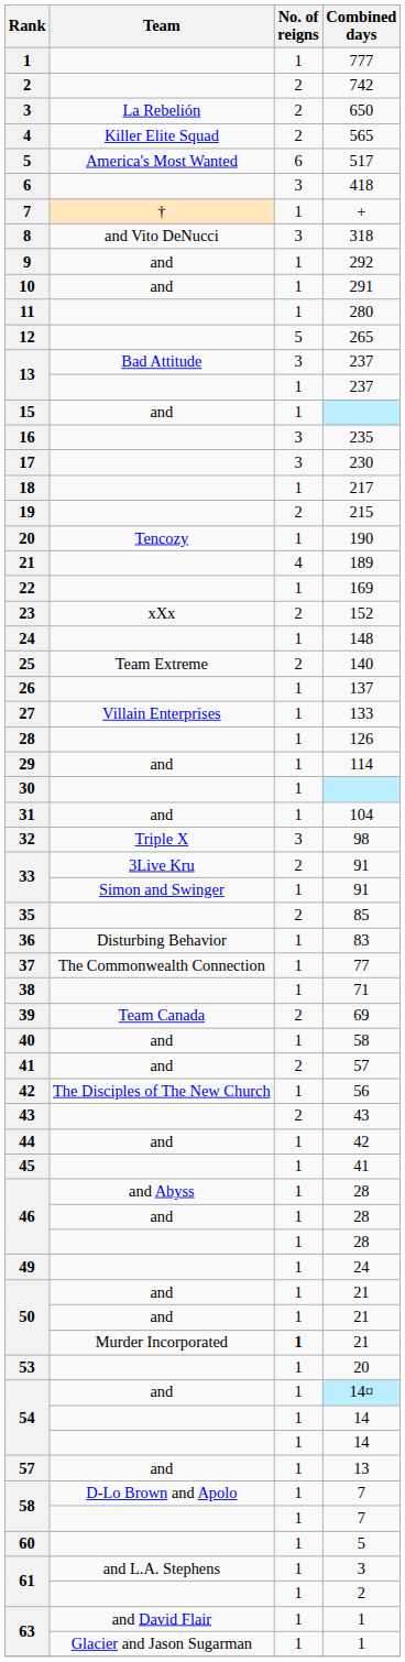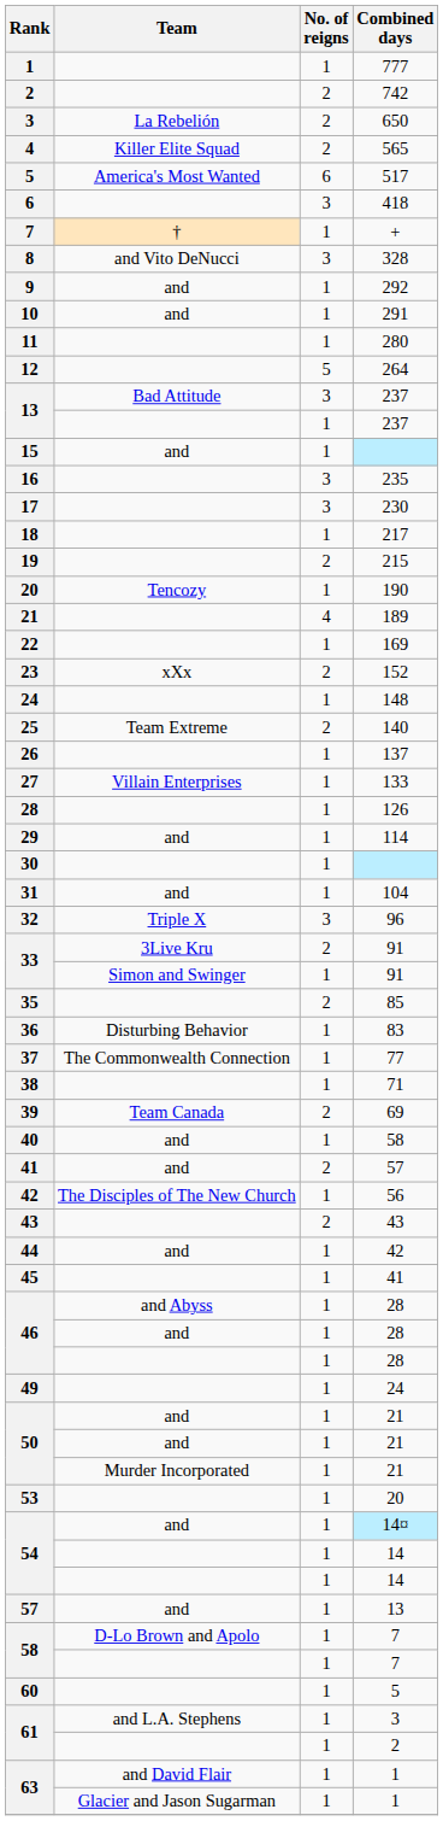 <table class="wikitable sortable" style="text-align: center">
 <tr>
 <th>Rank</th>
 <th>Team</th>
 <th>No. of<br>reigns</th>
 <th>Combined<br>days</th>
 </tr>
 <tr>
 <th>1</th>
 <td><br></td>
 <td>1</td>
 <td>777</td>
 </tr>
 <tr>
 <th>2</th>
 <td><br></td>
 <td>2</td>
 <td>742</td>
 </tr>
 <tr>
 <th>3</th>
 <td><a href='#'>La Rebelión</a><br></td>
 <td>2</td>
 <td>650</td>
 </tr>
 <tr>
 <th>4</th>
 <td><a href='#'>Killer Elite Squad</a><br></td>
 <td>2</td>
 <td>565</td>
 </tr>
 <tr>
 <th>5</th>
 <td><a href='#'>America's Most Wanted</a><br></td>
 <td>6</td>
 <td>517</td>
 </tr>
 <tr>
 <th>6</th>
 <td><br></td>
 <td>3</td>
 <td>418</td>
 </tr>
 <tr>
 <th>7</th>
 <td style="background-color:#ffe6bd"> †</td>
 <td>1</td>
 <td>+</td>
 </tr>
 <tr>
 <th>8</th>
 <td> and Vito DeNucci</td>
 <td>3</td>
-<td>318</td>
+<td>328</td>
 </tr>
 <tr>
 <th>9</th>
 <td> and </td>
 <td>1</td>
 <td>292</td>
 </tr>
 <tr>
 <th>10</th>
 <td> and </td>
 <td>1</td>
 <td>291</td>
 </tr>
 <tr>
 <th>11</th>
 <td> <br></td>
 <td>1</td>
 <td>280</td>
 </tr>
 <tr>
 <th>12</th>
 <td> <br></td>
 <td>5</td>
-<td>265</td>
+<td>264</td>
 </tr>
 <tr>
 <th rowspan=2>13</th>
 <td><a href='#'>Bad Attitude</a><br></td>
 <td>3</td>
 <td>237</td>
 </tr>
 <tr>
 <td><br></td>
 <td>1</td>
 <td>237</td>
 </tr>
 <tr>
 <th>15</th>
 <td> and </td>
 <td>1</td>
 <td style="background-color:#bbeeff"></td>
 </tr>
 <tr>
 <th>16</th>
 <td><br></td>
 <td>3</td>
 <td>235</td>
 </tr>
 <tr>
 <th>17</th>
 <td><br></td>
 <td>3</td>
 <td>230</td>
 </tr>
 <tr>
 <th>18</th>
 <td><br></td>
 <td>1</td>
 <td>217</td>
 </tr>
 <tr>
 <th>19</th>
 <td><br></td>
 <td>2</td>
 <td>215</td>
 </tr>
 <tr>
 <th>20</th>
 <td><a href='#'>Tencozy</a><br></td>
 <td>1</td>
 <td>190</td>
 </tr>
 <tr>
 <th>21</th>
 <td><br></td>
 <td>4</td>
 <td>189</td>
 </tr>
 <tr>
 <th>22</th>
 <td><br></td>
 <td>1</td>
 <td>169</td>
 </tr>
 <tr>
 <th>23</th>
 <td>xXx<br></td>
 <td>2</td>
 <td>152</td>
 </tr>
 <tr>
 <th>24</th>
 <td><br></td>
 <td>1</td>
 <td>148</td>
 </tr>
 <tr>
 <th>25</th>
 <td>Team Extreme<br></td>
 <td>2</td>
 <td>140</td>
 </tr>
 <tr>
 <th>26</th>
 <td><br></td>
 <td>1</td>
 <td>137</td>
 </tr>
 <tr>
 <th>27</th>
 <td><a href='#'>Villain Enterprises</a><br></td>
 <td>1</td>
 <td>133</td>
 </tr>
 <tr>
 <th>28</th>
 <td><br></td>
 <td>1</td>
 <td>126</td>
 </tr>
 <tr>
 <th>29</th>
 <td> and </td>
 <td>1</td>
 <td>114</td>
 </tr>
 <tr>
 <th>30</th>
 <td><br></td>
 <td>1</td>
 <td style="background-color:#bbeeff"></td>
 </tr>
 <tr>
 <th>31</th>
 <td> and </td>
 <td>1</td>
 <td>104</td>
 </tr>
 <tr>
 <th>32</th>
 <td><a href='#'>Triple X</a><br></td>
 <td>3</td>
-<td>98</td>
+<td>96</td>
 </tr>
 <tr>
 <th rowspan=2>33</th>
 <td><a href='#'>3Live Kru</a><br></td>
 <td>2</td>
 <td>91</td>
 </tr>
 <tr>
 <td><a href='#'>Simon and Swinger</a><br></td>
 <td>1</td>
 <td>91</td>
 </tr>
 <tr>
 <th>35</th>
 <td></td>
 <td>2</td>
 <td>85</td>
 </tr>
 <tr>
 <th>36</th>
 <td>Disturbing Behavior<br></td>
 <td>1</td>
 <td>83</td>
 </tr>
 <tr>
 <th>37</th>
 <td>The Commonwealth Connection<br></td>
 <td>1</td>
 <td>77</td>
 </tr>
 <tr>
 <th>38</th>
 <td><br></td>
 <td>1</td>
 <td>71</td>
 </tr>
 <tr>
 <th>39</th>
 <td><a href='#'>Team Canada</a><br></td>
 <td>2</td>
 <td>69</td>
 </tr>
 <tr>
 <th>40</th>
 <td> and </td>
 <td>1</td>
 <td>58</td>
 </tr>
 <tr>
 <th>41</th>
 <td> and </td>
 <td>2</td>
 <td>57</td>
 </tr>
 <tr>
 <th>42</th>
 <td><a href='#'>The Disciples of The New Church</a><br></td>
 <td>1</td>
 <td>56</td>
 </tr>
 <tr>
 <th>43</th>
 <td><br></td>
 <td>2</td>
 <td>43</td>
 </tr>
 <tr>
 <th>44</th>
 <td> and </td>
 <td>1</td>
 <td>42</td>
 </tr>
 <tr>
 <th>45</th>
 <td><br></td>
 <td>1</td>
 <td>41</td>
 </tr>
 <tr>
 <th rowspan=3>46</th>
 <td> and <a href='#'>Abyss</a></td>
 <td>1</td>
 <td>28</td>
 </tr>
 <tr>
 <td> and </td>
 <td>1</td>
 <td>28</td>
 </tr>
 <tr>
 <td><br></td>
 <td>1</td>
 <td>28</td>
 </tr>
 <tr>
 <th>49</th>
 <td><br></td>
 <td>1</td>
 <td>24</td>
 </tr>
 <tr>
 <th rowspan=3>50</th>
 <td> and </td>
 <td>1</td>
 <td>21</td>
 </tr>
 <tr>
 <td> and </td>
 <td>1</td>
 <td>21</td>
 </tr>
 <tr>
 <td>Murder Incorporated<br></td>
-<td><strong>1</strong></td>
+<td>1</td>
 <td>21</td>
 </tr>
 <tr>
 <th>53</th>
 <td><br></td>
 <td>1</td>
 <td>20</td>
 </tr>
 <tr>
 <th rowspan=3>54</th>
 <td> and </td>
 <td>1</td>
 <td style="background-color:#bbeeff">14¤</td>
 </tr>
 <tr>
 <td><br></td>
 <td>1</td>
 <td>14</td>
 </tr>
 <tr>
 <td><br></td>
 <td>1</td>
 <td>14</td>
 </tr>
 <tr>
 <th>57</th>
 <td> and </td>
 <td>1</td>
 <td>13</td>
 </tr>
 <tr>
 <th rowspan=2>58</th>
 <td><a href='#'>D-Lo Brown</a> and <a href='#'>Apolo</a></td>
 <td>1</td>
 <td>7</td>
 </tr>
 <tr>
 <td><br></td>
 <td>1</td>
 <td>7</td>
 </tr>
 <tr>
 <th>60</th>
 <td><br></td>
 <td>1</td>
 <td>5</td>
 </tr>
 <tr>
 <th rowspan=2>61</th>
 <td> and L.A. Stephens</td>
 <td>1</td>
 <td>3</td>
 </tr>
 <tr>
 <td><br></td>
 <td>1</td>
 <td>2</td>
 </tr>
 <tr>
 <th rowspan=2>63</th>
 <td> and <a href='#'>David Flair</a></td>
 <td>1</td>
 <td>1</td>
 </tr>
 <tr>
 <td><a href='#'>Glacier</a> and Jason Sugarman</td>
 <td>1</td>
 <td>1</td>
 </tr>
 <tr>
 </tr>
 </table>
